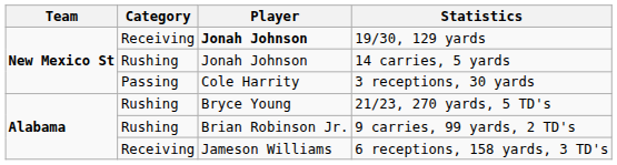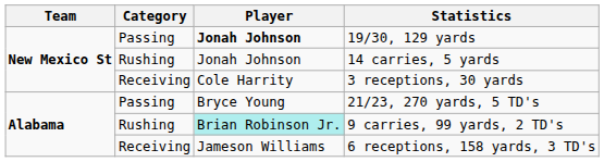 <table class="wikitable" style="float: right;">
 <tr>
 <th>Team</th>
 <th>Category</th>
 <th>Player</th>
 <th>Statistics</th>
 </tr>
 <tr>
 <td rowspan=3><strong>New Mexico St</strong></td>
-<td>Receiving</td>
+<td>Passing</td>
 <td><strong>Jonah Johnson</strong></td>
 <td>19/30, 129 yards</td>
 </tr>
 <tr>
 <td>Rushing</td>
 <td>Jonah Johnson</td>
 <td>14 carries, 5 yards</td>
 </tr>
 <tr>
-<td>Passing</td>
+<td>Receiving</td>
 <td>Cole Harrity</td>
 <td>3 receptions, 30 yards</td>
 </tr>
 <tr>
 <td rowspan=3><strong>Alabama</strong></td>
-<td>Rushing</td>
+<td>Passing</td>
 <td>Bryce Young</td>
 <td>21/23, 270 yards, 5 TD's</td>
 </tr>
 <tr>
 <td>Rushing</td>
-<td>Brian Robinson Jr.</td>
+<td style="background: paleturquoise;">Brian Robinson Jr.</td>
 <td>9 carries, 99 yards, 2 TD's</td>
 </tr>
 <tr>
 <td>Receiving</td>
 <td>Jameson Williams</td>
 <td>6 receptions, 158 yards, 3 TD's</td>
 </tr>
 </table>
